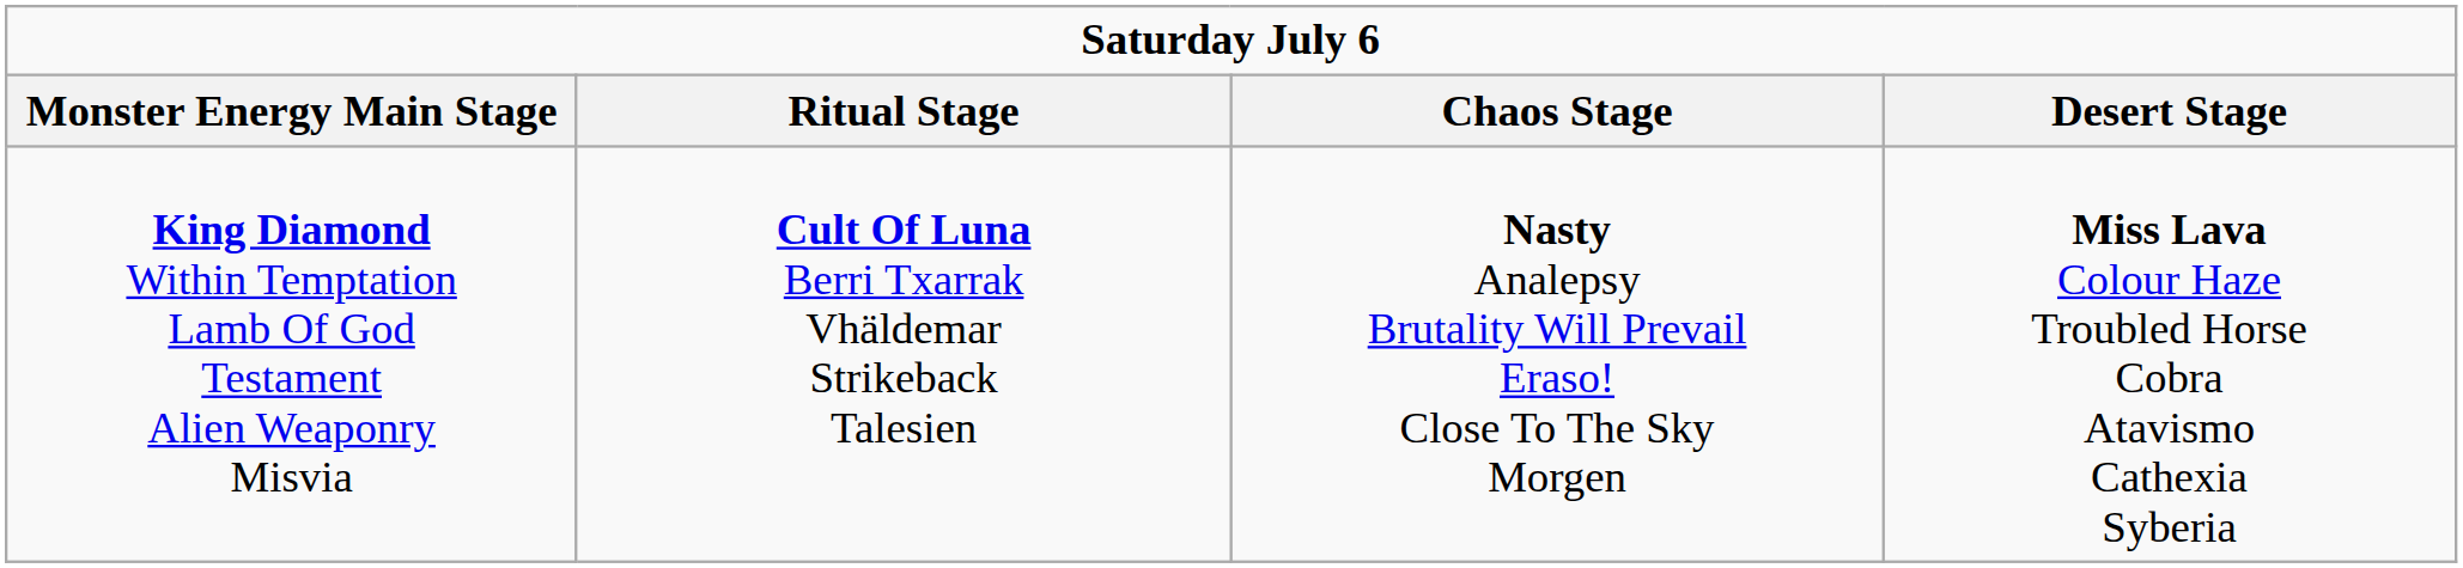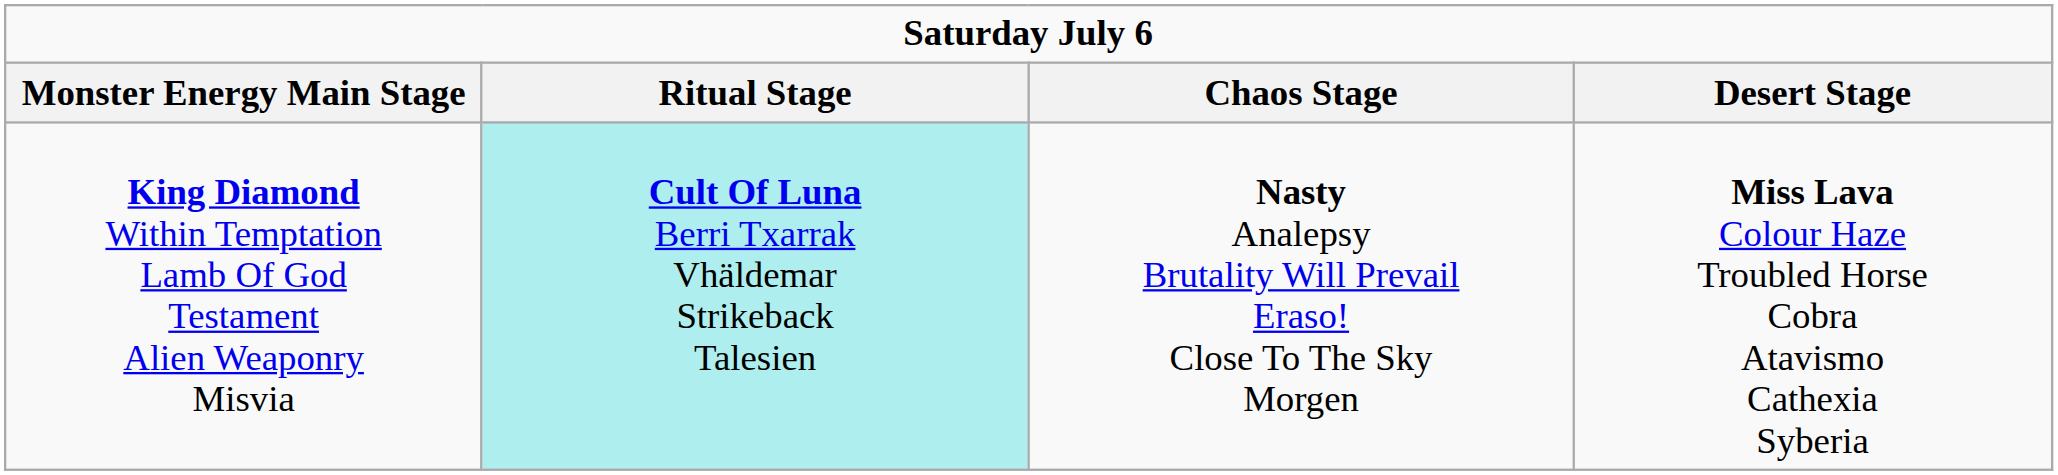 <table class="wikitable">
 <tr>
 <td colspan="4" style="text-align:center;"><strong>Saturday July 6</strong></td>
 </tr>
 <tr>
 <th>Monster Energy Main Stage</th>
 <th>Ritual Stage</th>
 <th>Chaos Stage</th>
 <th>Desert Stage</th>
 </tr>
 <tr>
 <td style="text-align:center; vertical-align:top; width:200px;"><br><strong><a href='#'>King Diamond</a></strong> <br> <a href='#'>Within Temptation</a> <br> <a href='#'>Lamb Of God</a> <br> <a href='#'>Testament</a> <br> <a href='#'>Alien Weaponry</a> <br> Misvia <br></td>
-<td style="text-align:center; vertical-align:top; width:230px;"><br><strong><a href='#'>Cult Of Luna</a></strong> <br> <a href='#'>Berri Txarrak</a> <br> Vhäldemar <br> Strikeback <br> Talesien <br></td>
+<td style="background: paleturquoise; text-align:center; vertical-align:top; width:230px;"><br><strong><a href='#'>Cult Of Luna</a></strong> <br> <a href='#'>Berri Txarrak</a> <br> Vhäldemar <br> Strikeback <br> Talesien <br></td>
 <td style="text-align:center; vertical-align:top; width:230px;"><br><strong>Nasty</strong> <br> Analepsy <br> <a href='#'>Brutality Will Prevail</a> <br> <a href='#'>Eraso!</a> <br> Close To The Sky <br> Morgen <br></td>
 <td style="text-align:center; vertical-align:top; width:200px;"><br><strong>Miss Lava</strong> <br> <a href='#'>Colour Haze</a> <br> Troubled Horse <br> Cobra <br> Atavismo <br> Cathexia <br> Syberia <br></td>
 </tr>
 </table>
